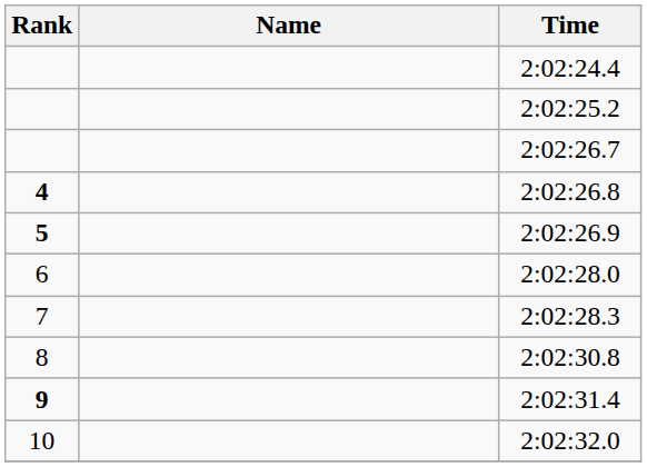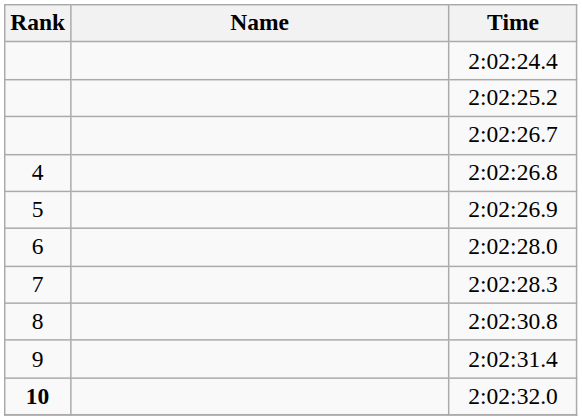 <table class="wikitable" style="text-align:center">
 <tr>
 <th>Rank</th>
 <th width=250>Name</th>
 <th width=80>Time</th>
 </tr>
 <tr>
 <td></td>
 <td align=left></td>
 <td>2:02:24.4</td>
 </tr>
 <tr>
 <td></td>
 <td align=left></td>
 <td>2:02:25.2</td>
 </tr>
 <tr>
 <td></td>
 <td align=left></td>
 <td>2:02:26.7</td>
 </tr>
 <tr>
-<td><strong>4</strong></td>
+<td>4</td>
 <td align=left></td>
 <td>2:02:26.8</td>
 </tr>
 <tr>
-<td><strong>5</strong></td>
+<td>5</td>
 <td align=left></td>
 <td>2:02:26.9</td>
 </tr>
 <tr>
 <td>6</td>
 <td align=left></td>
 <td>2:02:28.0</td>
 </tr>
 <tr>
 <td>7</td>
 <td align=left></td>
 <td>2:02:28.3</td>
 </tr>
 <tr>
 <td>8</td>
 <td align=left></td>
 <td>2:02:30.8</td>
 </tr>
 <tr>
-<td><strong>9</strong></td>
+<td>9</td>
 <td align=left></td>
 <td>2:02:31.4</td>
 </tr>
 <tr>
-<td>10</td>
+<td><strong>10</strong></td>
 <td align=left></td>
 <td>2:02:32.0</td>
 </tr>
 <tr>
 </tr>
 </table>
